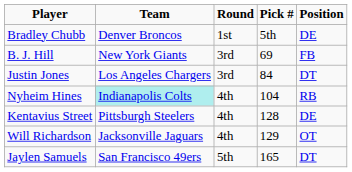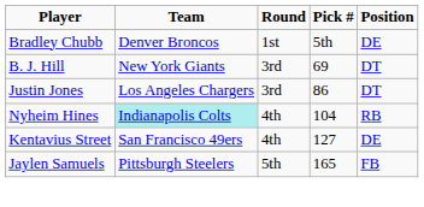 <table class="wikitable">
 <tr style="text-align:center; ">
 <td><strong>Player</strong></td>
 <td><strong>Team</strong></td>
 <td><strong>Round</strong></td>
 <td><strong>Pick #</strong></td>
 <td><strong>Position</strong></td>
 </tr>
 <tr>
 <td><a href='#'>Bradley Chubb</a></td>
 <td><a href='#'>Denver Broncos</a></td>
 <td>1st</td>
 <td>5th</td>
 <td><a href='#'>DE</a></td>
 </tr>
 <tr>
 <td><a href='#'>B. J. Hill</a></td>
 <td><a href='#'>New York Giants</a></td>
 <td>3rd</td>
 <td>69</td>
-<td><a href='#'>FB</a></td>
+<td><a href='#'>DT</a></td>
 </tr>
 <tr>
 <td><a href='#'>Justin Jones</a></td>
 <td><a href='#'>Los Angeles Chargers</a></td>
 <td>3rd</td>
-<td>84</td>
+<td>86</td>
 <td><a href='#'>DT</a></td>
 </tr>
 <tr>
 <td><a href='#'>Nyheim Hines</a></td>
 <td style="background: paleturquoise;"><a href='#'>Indianapolis Colts</a></td>
 <td>4th</td>
 <td>104</td>
 <td><a href='#'>RB</a></td>
 </tr>
 <tr>
 <td><a href='#'>Kentavius Street</a></td>
-<td><a href='#'>Pittsburgh Steelers</a></td>
+<td><a href='#'>San Francisco 49ers</a></td>
 <td>4th</td>
-<td>128</td>
+<td>127</td>
 <td><a href='#'>DE</a></td>
 </tr>
 <tr>
-<td><a href='#'>Will Richardson</a></td>
-<td><a href='#'>Jacksonville Jaguars</a></td>
-<td>4th</td>
-<td>129</td>
-<td><a href='#'>OT</a></td>
-</tr>
-<tr>
 <td><a href='#'>Jaylen Samuels</a></td>
-<td><a href='#'>San Francisco 49ers</a></td>
+<td><a href='#'>Pittsburgh Steelers</a></td>
 <td>5th</td>
 <td>165</td>
-<td><a href='#'>DT</a></td>
+<td><a href='#'>FB</a></td>
 </tr>
 </table>
